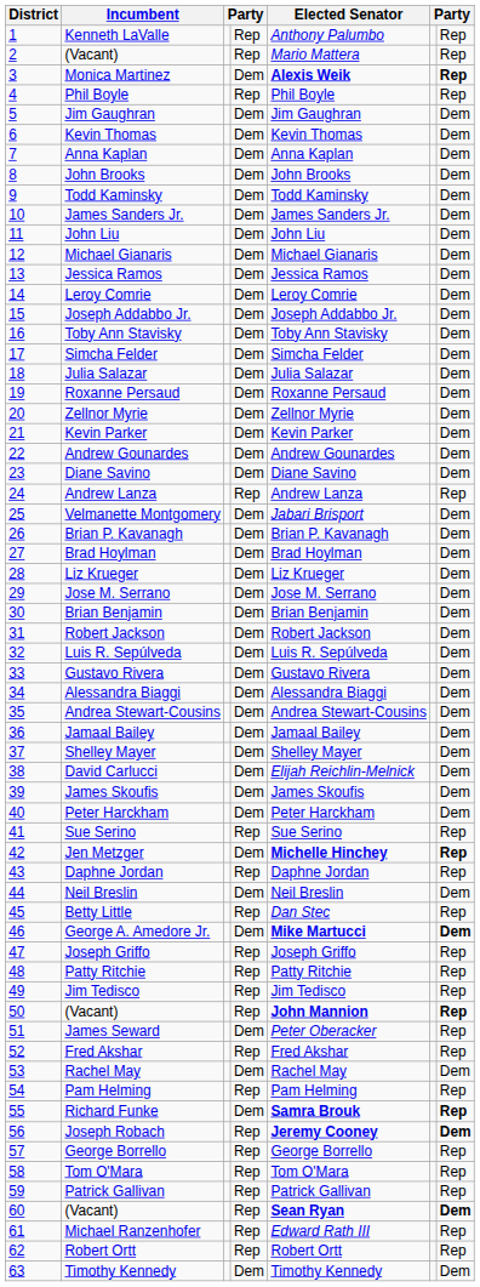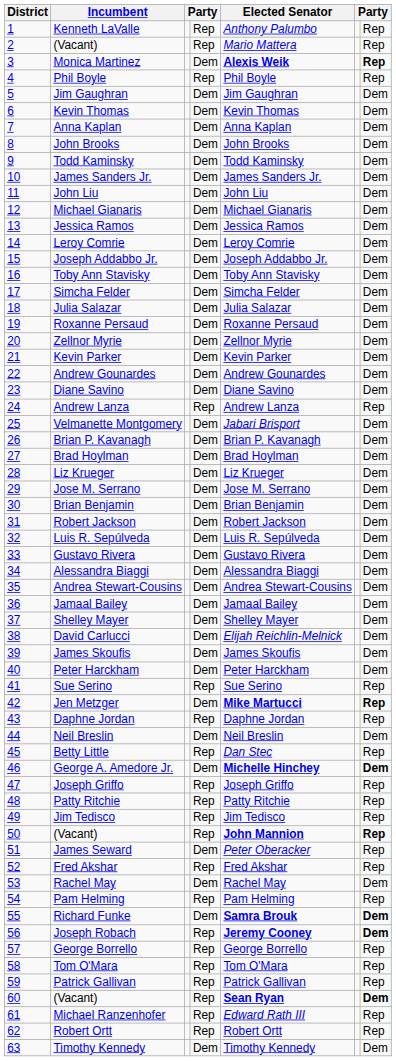 <table class="sortable wikitable" style="font-size:95%;line-height:14px;">
 <tr>
 <th>District</th>
 <th class="unsortable"><a href='#'>Incumbent</a></th>
 <th colspan="2">Party</th>
 <th class="unsortable">Elected Senator</th>
 <th colspan="2">Party<br></th>
 </tr>
 <tr>
 <td><a href='#'>1</a></td>
 <td><a href='#'>Kenneth LaValle</a></td>
 <td style="background:"></td>
 <td>Rep</td>
 <td><em><a href='#'>Anthony Palumbo</a></em></td>
 <td style="background:"></td>
 <td>Rep</td>
 </tr>
 <tr>
 <td><a href='#'>2</a></td>
 <td>(Vacant)</td>
 <td style="background:"></td>
 <td>Rep</td>
 <td><em><a href='#'>Mario Mattera</a></em></td>
 <td style="background:"></td>
 <td>Rep</td>
 </tr>
 <tr>
 <td><a href='#'>3</a></td>
 <td><a href='#'>Monica Martinez</a></td>
 <td style="background:"></td>
 <td>Dem</td>
 <td><strong><a href='#'>Alexis Weik</a></strong></td>
 <td style="background:"></td>
 <td><strong>Rep</strong></td>
 </tr>
 <tr>
 <td><a href='#'>4</a></td>
 <td><a href='#'>Phil Boyle</a></td>
 <td style="background:"></td>
 <td>Rep</td>
 <td><a href='#'>Phil Boyle</a></td>
 <td style="background: "></td>
 <td>Rep</td>
 </tr>
 <tr>
 <td><a href='#'>5</a></td>
 <td><a href='#'>Jim Gaughran</a></td>
 <td style="background:"></td>
 <td>Dem</td>
 <td><a href='#'>Jim Gaughran</a></td>
 <td style="background:"></td>
 <td>Dem</td>
 </tr>
 <tr>
 <td><a href='#'>6</a></td>
 <td><a href='#'>Kevin Thomas</a></td>
 <td style="background:"></td>
 <td>Dem</td>
 <td><a href='#'>Kevin Thomas</a></td>
 <td style="background:"></td>
 <td>Dem</td>
 </tr>
 <tr>
 <td><a href='#'>7</a></td>
 <td><a href='#'>Anna Kaplan</a></td>
 <td style="background:"></td>
 <td>Dem</td>
 <td><a href='#'>Anna Kaplan</a></td>
 <td style="background:"></td>
 <td>Dem</td>
 </tr>
 <tr>
 <td><a href='#'>8</a></td>
 <td><a href='#'>John Brooks</a></td>
 <td style="background:"></td>
 <td>Dem</td>
 <td><a href='#'>John Brooks</a></td>
 <td style="background:"></td>
 <td>Dem</td>
 </tr>
 <tr>
 <td><a href='#'>9</a></td>
 <td><a href='#'>Todd Kaminsky</a></td>
 <td style="background:"></td>
 <td>Dem</td>
 <td><a href='#'>Todd Kaminsky</a></td>
 <td style="background:"></td>
 <td>Dem</td>
 </tr>
 <tr>
 <td><a href='#'>10</a></td>
 <td><a href='#'>James Sanders Jr.</a></td>
 <td style="background:"></td>
 <td>Dem</td>
 <td><a href='#'>James Sanders Jr.</a></td>
 <td style="background:"></td>
 <td>Dem</td>
 </tr>
 <tr>
 <td><a href='#'>11</a></td>
 <td><a href='#'>John Liu</a></td>
 <td style="background:"></td>
 <td>Dem</td>
 <td><a href='#'>John Liu</a></td>
 <td style="background:"></td>
 <td>Dem</td>
 </tr>
 <tr>
 <td><a href='#'>12</a></td>
 <td><a href='#'>Michael Gianaris</a></td>
 <td style="background:"></td>
 <td>Dem</td>
 <td><a href='#'>Michael Gianaris</a></td>
 <td style="background:"></td>
 <td>Dem</td>
 </tr>
 <tr>
 <td><a href='#'>13</a></td>
 <td><a href='#'>Jessica Ramos</a></td>
 <td style="background:"></td>
 <td>Dem</td>
 <td><a href='#'>Jessica Ramos</a></td>
 <td style="background:"></td>
 <td>Dem</td>
 </tr>
 <tr>
 <td><a href='#'>14</a></td>
 <td><a href='#'>Leroy Comrie</a></td>
 <td style="background:"></td>
 <td>Dem</td>
 <td><a href='#'>Leroy Comrie</a></td>
 <td style="background:"></td>
 <td>Dem</td>
 </tr>
 <tr>
 <td><a href='#'>15</a></td>
 <td><a href='#'>Joseph Addabbo Jr.</a></td>
 <td style="background:"></td>
 <td>Dem</td>
 <td><a href='#'>Joseph Addabbo Jr.</a></td>
 <td style="background:"></td>
 <td>Dem</td>
 </tr>
 <tr>
 <td><a href='#'>16</a></td>
 <td><a href='#'>Toby Ann Stavisky</a></td>
 <td style="background:"></td>
 <td>Dem</td>
 <td><a href='#'>Toby Ann Stavisky</a></td>
 <td style="background:"></td>
 <td>Dem</td>
 </tr>
 <tr>
 <td><a href='#'>17</a></td>
 <td><a href='#'>Simcha Felder</a></td>
 <td style="background:"></td>
 <td>Dem</td>
 <td><a href='#'>Simcha Felder</a></td>
 <td style="background:"></td>
 <td>Dem</td>
 </tr>
 <tr>
 <td><a href='#'>18</a></td>
 <td><a href='#'>Julia Salazar</a></td>
 <td style="background:"></td>
 <td>Dem</td>
 <td><a href='#'>Julia Salazar</a></td>
 <td style="background:"></td>
 <td>Dem</td>
 </tr>
 <tr>
 <td><a href='#'>19</a></td>
 <td><a href='#'>Roxanne Persaud</a></td>
 <td style="background:"></td>
 <td>Dem</td>
 <td><a href='#'>Roxanne Persaud</a></td>
 <td style="background:"></td>
 <td>Dem</td>
 </tr>
 <tr>
 <td><a href='#'>20</a></td>
 <td><a href='#'>Zellnor Myrie</a></td>
 <td style="background:"></td>
 <td>Dem</td>
 <td><a href='#'>Zellnor Myrie</a></td>
 <td style="background:"></td>
 <td>Dem</td>
 </tr>
 <tr>
 <td><a href='#'>21</a></td>
 <td><a href='#'>Kevin Parker</a></td>
 <td style="background:"></td>
 <td>Dem</td>
 <td><a href='#'>Kevin Parker</a></td>
 <td style="background:"></td>
 <td>Dem</td>
 </tr>
 <tr>
 <td><a href='#'>22</a></td>
 <td><a href='#'>Andrew Gounardes</a></td>
 <td style="background:"></td>
 <td>Dem</td>
 <td><a href='#'>Andrew Gounardes</a></td>
 <td style="background:"></td>
 <td>Dem</td>
 </tr>
 <tr>
 <td><a href='#'>23</a></td>
 <td><a href='#'>Diane Savino</a></td>
 <td style="background:"></td>
 <td>Dem</td>
 <td><a href='#'>Diane Savino</a></td>
 <td style="background:"></td>
 <td>Dem</td>
 </tr>
 <tr>
 <td><a href='#'>24</a></td>
 <td><a href='#'>Andrew Lanza</a></td>
 <td style="background:"></td>
 <td>Rep</td>
 <td><a href='#'>Andrew Lanza</a></td>
 <td style="background:"></td>
 <td>Rep</td>
 </tr>
 <tr>
 <td><a href='#'>25</a></td>
 <td><a href='#'>Velmanette Montgomery</a></td>
 <td style="background:"></td>
 <td>Dem</td>
 <td><em><a href='#'>Jabari Brisport</a></em></td>
 <td style="background:"></td>
 <td>Dem</td>
 </tr>
 <tr>
 <td><a href='#'>26</a></td>
 <td><a href='#'>Brian P. Kavanagh</a></td>
 <td style="background:"></td>
 <td>Dem</td>
 <td><a href='#'>Brian P. Kavanagh</a></td>
 <td style="background:"></td>
 <td>Dem</td>
 </tr>
 <tr>
 <td><a href='#'>27</a></td>
 <td><a href='#'>Brad Hoylman</a></td>
 <td style="background:"></td>
 <td>Dem</td>
 <td><a href='#'>Brad Hoylman</a></td>
 <td style="background:"></td>
 <td>Dem</td>
 </tr>
 <tr>
 <td><a href='#'>28</a></td>
 <td><a href='#'>Liz Krueger</a></td>
 <td style="background:"></td>
 <td>Dem</td>
 <td><a href='#'>Liz Krueger</a></td>
 <td style="background:"></td>
 <td>Dem</td>
 </tr>
 <tr>
 <td><a href='#'>29</a></td>
 <td><a href='#'>Jose M. Serrano</a></td>
 <td style="background:"></td>
 <td>Dem</td>
 <td><a href='#'>Jose M. Serrano</a></td>
 <td style="background:"></td>
 <td>Dem</td>
 </tr>
 <tr>
 <td><a href='#'>30</a></td>
 <td><a href='#'>Brian Benjamin</a></td>
 <td style="background:"></td>
 <td>Dem</td>
 <td><a href='#'>Brian Benjamin</a></td>
 <td style="background:"></td>
 <td>Dem</td>
 </tr>
 <tr>
 <td><a href='#'>31</a></td>
 <td><a href='#'>Robert Jackson</a></td>
 <td style="background:"></td>
 <td>Dem</td>
 <td><a href='#'>Robert Jackson</a></td>
 <td style="background:"></td>
 <td>Dem</td>
 </tr>
 <tr>
 <td><a href='#'>32</a></td>
 <td><a href='#'>Luis R. Sepúlveda</a></td>
 <td style="background:"></td>
 <td>Dem</td>
 <td><a href='#'>Luis R. Sepúlveda</a></td>
 <td style="background:"></td>
 <td>Dem</td>
 </tr>
 <tr>
 <td><a href='#'>33</a></td>
 <td><a href='#'>Gustavo Rivera</a></td>
 <td style="background:"></td>
 <td>Dem</td>
 <td><a href='#'>Gustavo Rivera</a></td>
 <td style="background:"></td>
 <td>Dem</td>
 </tr>
 <tr>
 <td><a href='#'>34</a></td>
 <td><a href='#'>Alessandra Biaggi</a></td>
 <td style="background:"></td>
 <td>Dem</td>
 <td><a href='#'>Alessandra Biaggi</a></td>
 <td style="background:"></td>
 <td>Dem</td>
 </tr>
 <tr>
 <td><a href='#'>35</a></td>
 <td><a href='#'>Andrea Stewart-Cousins</a></td>
 <td style="background:"></td>
 <td>Dem</td>
 <td><a href='#'>Andrea Stewart-Cousins</a></td>
 <td style="background:"></td>
 <td>Dem</td>
 </tr>
 <tr>
 <td><a href='#'>36</a></td>
 <td><a href='#'>Jamaal Bailey</a></td>
 <td style="background:"></td>
 <td>Dem</td>
 <td><a href='#'>Jamaal Bailey</a></td>
 <td style="background:"></td>
 <td>Dem</td>
 </tr>
 <tr>
 <td><a href='#'>37</a></td>
 <td><a href='#'>Shelley Mayer</a></td>
 <td style="background:"></td>
 <td>Dem</td>
 <td><a href='#'>Shelley Mayer</a></td>
 <td style="background:"></td>
 <td>Dem</td>
 </tr>
 <tr>
 <td><a href='#'>38</a></td>
 <td><a href='#'>David Carlucci</a></td>
 <td style="background:"></td>
 <td>Dem</td>
 <td><em><a href='#'>Elijah Reichlin-Melnick</a></em></td>
 <td style="background:"></td>
 <td>Dem</td>
 </tr>
 <tr>
 <td><a href='#'>39</a></td>
 <td><a href='#'>James Skoufis</a></td>
 <td style="background:"></td>
 <td>Dem</td>
 <td><a href='#'>James Skoufis</a></td>
 <td style="background:"></td>
 <td>Dem</td>
 </tr>
 <tr>
 <td><a href='#'>40</a></td>
 <td><a href='#'>Peter Harckham</a></td>
 <td style="background:"></td>
 <td>Dem</td>
 <td><a href='#'>Peter Harckham</a></td>
 <td style="background:"></td>
 <td>Dem</td>
 </tr>
 <tr>
 <td><a href='#'>41</a></td>
 <td><a href='#'>Sue Serino</a></td>
 <td style="background:"></td>
 <td>Rep</td>
 <td><a href='#'>Sue Serino</a></td>
 <td style="background:"></td>
 <td>Rep</td>
 </tr>
 <tr>
 <td><a href='#'>42</a></td>
 <td><a href='#'>Jen Metzger</a></td>
 <td style="background:"></td>
 <td>Dem</td>
-<td><strong><a href='#'>Michelle Hinchey</a></strong></td>
+<td><strong><a href='#'>Mike Martucci</a></strong></td>
 <td style="background:"></td>
 <td><strong>Rep</strong></td>
 </tr>
 <tr>
 <td><a href='#'>43</a></td>
 <td><a href='#'>Daphne Jordan</a></td>
 <td style="background:"></td>
 <td>Rep</td>
 <td><a href='#'>Daphne Jordan</a></td>
 <td style="background:"></td>
 <td>Rep</td>
 </tr>
 <tr>
 <td><a href='#'>44</a></td>
 <td><a href='#'>Neil Breslin</a></td>
 <td style="background:"></td>
 <td>Dem</td>
 <td><a href='#'>Neil Breslin</a></td>
 <td style="background:"></td>
 <td>Dem</td>
 </tr>
 <tr>
 <td><a href='#'>45</a></td>
 <td><a href='#'>Betty Little</a></td>
 <td style="background:"></td>
 <td>Rep</td>
 <td><em><a href='#'>Dan Stec</a></em></td>
 <td style="background:"></td>
 <td>Rep</td>
 </tr>
 <tr>
 <td><a href='#'>46</a></td>
 <td><a href='#'>George A. Amedore Jr.</a></td>
 <td style="background:"></td>
 <td>Dem</td>
-<td><strong><a href='#'>Mike Martucci</a></strong></td>
+<td><strong><a href='#'>Michelle Hinchey</a></strong></td>
 <td style="background:"></td>
 <td><strong>Dem</strong></td>
 </tr>
 <tr>
 <td><a href='#'>47</a></td>
 <td><a href='#'>Joseph Griffo</a></td>
 <td style="background:"></td>
 <td>Rep</td>
 <td><a href='#'>Joseph Griffo</a></td>
 <td style="background:"></td>
 <td>Rep</td>
 </tr>
 <tr>
 <td><a href='#'>48</a></td>
 <td><a href='#'>Patty Ritchie</a></td>
 <td style="background:"></td>
 <td>Rep</td>
 <td><a href='#'>Patty Ritchie</a></td>
 <td style="background:"></td>
 <td>Rep</td>
 </tr>
 <tr>
 <td><a href='#'>49</a></td>
 <td><a href='#'>Jim Tedisco</a></td>
 <td style="background:"></td>
 <td>Rep</td>
 <td><a href='#'>Jim Tedisco</a></td>
 <td style="background:"></td>
 <td>Rep</td>
 </tr>
 <tr>
 <td><a href='#'>50</a></td>
 <td>(Vacant)</td>
 <td style="background:"></td>
 <td>Rep</td>
 <td><strong><a href='#'>John Mannion</a></strong></td>
 <td style="background:"></td>
 <td><strong>Rep</strong></td>
 </tr>
 <tr>
 <td><a href='#'>51</a></td>
 <td><a href='#'>James Seward</a></td>
 <td style="background:"></td>
 <td>Dem</td>
 <td><em><a href='#'>Peter Oberacker</a></em></td>
 <td style="background:"></td>
 <td>Rep</td>
 </tr>
 <tr>
 <td><a href='#'>52</a></td>
 <td><a href='#'>Fred Akshar</a></td>
 <td style="background:"></td>
 <td>Rep</td>
 <td><a href='#'>Fred Akshar</a></td>
 <td style="background:"></td>
 <td>Rep</td>
 </tr>
 <tr>
 <td><a href='#'>53</a></td>
 <td><a href='#'>Rachel May</a></td>
 <td style="background:"></td>
 <td>Dem</td>
 <td><a href='#'>Rachel May</a></td>
 <td style="background:"></td>
 <td>Dem</td>
 </tr>
 <tr>
 <td><a href='#'>54</a></td>
 <td><a href='#'>Pam Helming</a></td>
 <td style="background:"></td>
 <td>Rep</td>
 <td><a href='#'>Pam Helming</a></td>
 <td style="background:"></td>
 <td>Rep</td>
 </tr>
 <tr>
 <td><a href='#'>55</a></td>
 <td><a href='#'>Richard Funke</a></td>
 <td style="background:"></td>
 <td>Dem</td>
 <td><strong><a href='#'>Samra Brouk</a></strong></td>
 <td style="background:"></td>
-<td><strong>Rep</strong></td>
+<td><strong>Dem</strong></td>
 </tr>
 <tr>
 <td><a href='#'>56</a></td>
 <td><a href='#'>Joseph Robach</a></td>
 <td style="background:"></td>
 <td>Rep</td>
 <td><strong><a href='#'>Jeremy Cooney</a></strong></td>
 <td style="background:"></td>
 <td><strong>Dem</strong></td>
 </tr>
 <tr>
 <td><a href='#'>57</a></td>
 <td><a href='#'>George Borrello</a></td>
 <td style="background:"></td>
 <td>Rep</td>
 <td><a href='#'>George Borrello</a></td>
 <td style="background:"></td>
 <td>Rep</td>
 </tr>
 <tr>
 <td><a href='#'>58</a></td>
 <td><a href='#'>Tom O'Mara</a></td>
 <td style="background:"></td>
 <td>Rep</td>
 <td><a href='#'>Tom O'Mara</a></td>
 <td style="background:"></td>
 <td>Rep</td>
 </tr>
 <tr>
 <td><a href='#'>59</a></td>
 <td><a href='#'>Patrick Gallivan</a></td>
 <td style="background:"></td>
 <td>Rep</td>
 <td><a href='#'>Patrick Gallivan</a></td>
 <td style="background:"></td>
 <td>Rep</td>
 </tr>
 <tr>
 <td><a href='#'>60</a></td>
 <td>(Vacant)</td>
 <td style="background:"></td>
 <td>Rep</td>
 <td><strong><a href='#'>Sean Ryan</a></strong></td>
 <td style="background:"></td>
 <td><strong>Dem</strong></td>
 </tr>
 <tr>
 <td><a href='#'>61</a></td>
 <td><a href='#'>Michael Ranzenhofer</a></td>
 <td style="background:"></td>
 <td>Rep</td>
 <td><em><a href='#'>Edward Rath III</a></em></td>
 <td style="background:"></td>
 <td>Rep</td>
 </tr>
 <tr>
 <td><a href='#'>62</a></td>
 <td><a href='#'>Robert Ortt</a></td>
 <td style="background:"></td>
 <td>Rep</td>
 <td><a href='#'>Robert Ortt</a></td>
 <td style="background:"></td>
 <td>Rep</td>
 </tr>
 <tr>
 <td><a href='#'>63</a></td>
 <td><a href='#'>Timothy Kennedy</a></td>
 <td style="background:"></td>
 <td>Dem</td>
 <td><a href='#'>Timothy Kennedy</a></td>
 <td style="background:"></td>
 <td>Dem</td>
 </tr>
 </table>
